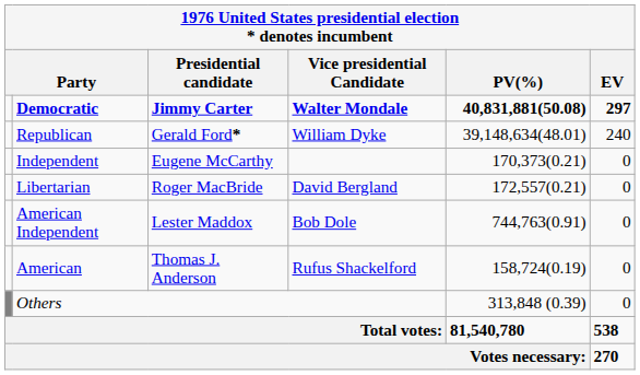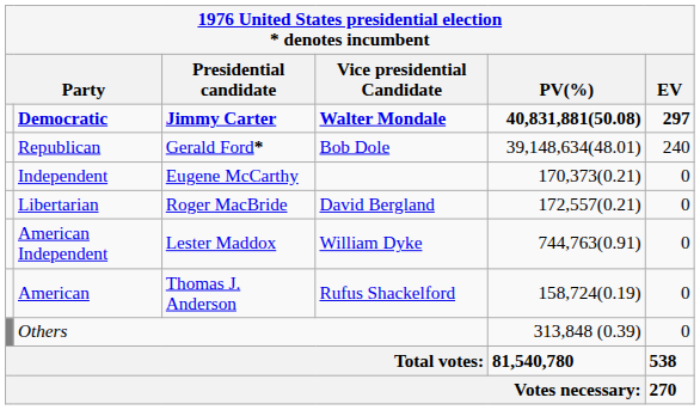 <table class="wikitable">
 <tr>
 <th colspan=6 style="background:#f5f5f5"><a href='#'>1976 United States presidential election</a><br>* denotes incumbent</th>
 </tr>
 <tr style="vertical-align:bottom;">
 <th style="width: 11em;" colspan=2>Party</th>
 <th>Presidential<br>candidate</th>
 <th>Vice presidential<br>Candidate</th>
 <th><abbr>PV</abbr>(%)</th>
 <th><abbr>EV</abbr></th>
 </tr>
 <tr>
 <td style="background-color: "></td>
 <td style="width: 10.5em;"><strong><a href='#'>Democratic</a></strong></td>
 <td style="width: 11em;"><strong><a href='#'>Jimmy Carter</a></strong></td>
 <td style="width: 11em;"><strong><a href='#'>Walter Mondale</a></strong></td>
 <td style="width: 9em; text-align:right"><strong>40,831,881(50.08)</strong></td>
 <td style="width: 3em; text-align:right"><strong>297</strong></td>
 </tr>
 <tr>
 <td style="background-color: "></td>
 <td><a href='#'>Republican</a></td>
 <td><a href='#'>Gerald Ford</a><strong>*</strong></td>
-<td><a href='#'>William Dyke</a></td>
+<td><a href='#'>Bob Dole</a></td>
 <td style="text-align:right">39,148,634(48.01)</td>
 <td style="text-align:right">240</td>
 </tr>
 <tr>
 <td style="background-color: "></td>
 <td><a href='#'>Independent</a></td>
 <td><a href='#'>Eugene McCarthy</a></td>
 <td></td>
 <td style="text-align:right">170,373(0.21)</td>
 <td style="text-align:right">0</td>
 </tr>
 <tr>
 <td style="background-color: "></td>
 <td><a href='#'>Libertarian</a></td>
 <td><a href='#'>Roger MacBride</a></td>
 <td><a href='#'>David Bergland</a></td>
 <td style="text-align:right">172,557(0.21)</td>
 <td style="text-align:right">0</td>
 </tr>
 <tr>
 <td style="background-color: "></td>
 <td><a href='#'>American Independent</a></td>
 <td><a href='#'>Lester Maddox</a></td>
-<td><a href='#'>Bob Dole</a></td>
+<td><a href='#'>William Dyke</a></td>
 <td style="text-align:right">744,763(0.91)</td>
 <td style="text-align:right">0</td>
 </tr>
 <tr>
 <td style="background-color: "></td>
 <td><a href='#'>American</a></td>
 <td><a href='#'>Thomas J. Anderson</a></td>
 <td><a href='#'>Rufus Shackelford</a></td>
 <td style="text-align:right">158,724(0.19)</td>
 <td style="text-align:right">0</td>
 </tr>
 <tr>
 <td style="background-color: gray"></td>
 <td colspan=3><em>Others</em></td>
 <td style="text-align:right">313,848 (0.39)</td>
 <td style="text-align:right">0</td>
 </tr>
 <tr>
 <th colspan=4 style="text-align:right">Total votes:</th>
 <td><strong>81,540,780</strong></td>
 <td><strong>538</strong></td>
 </tr>
 <tr>
 <th colspan=5 style="text-align:right">Votes necessary:</th>
 <td><strong>270</strong></td>
 </tr>
 </table>
